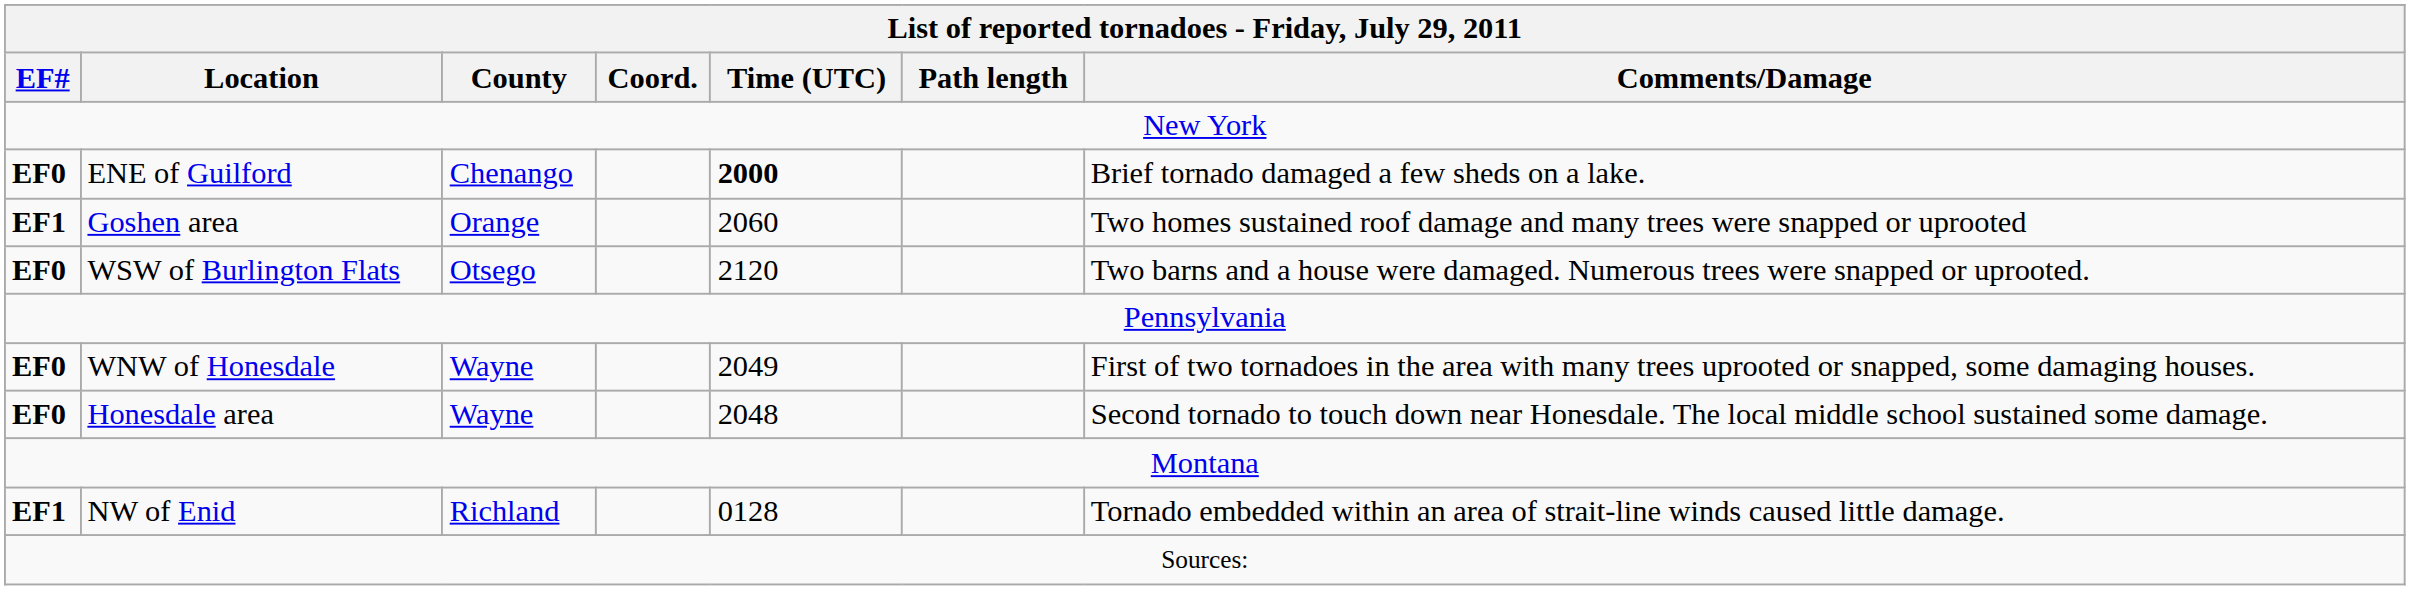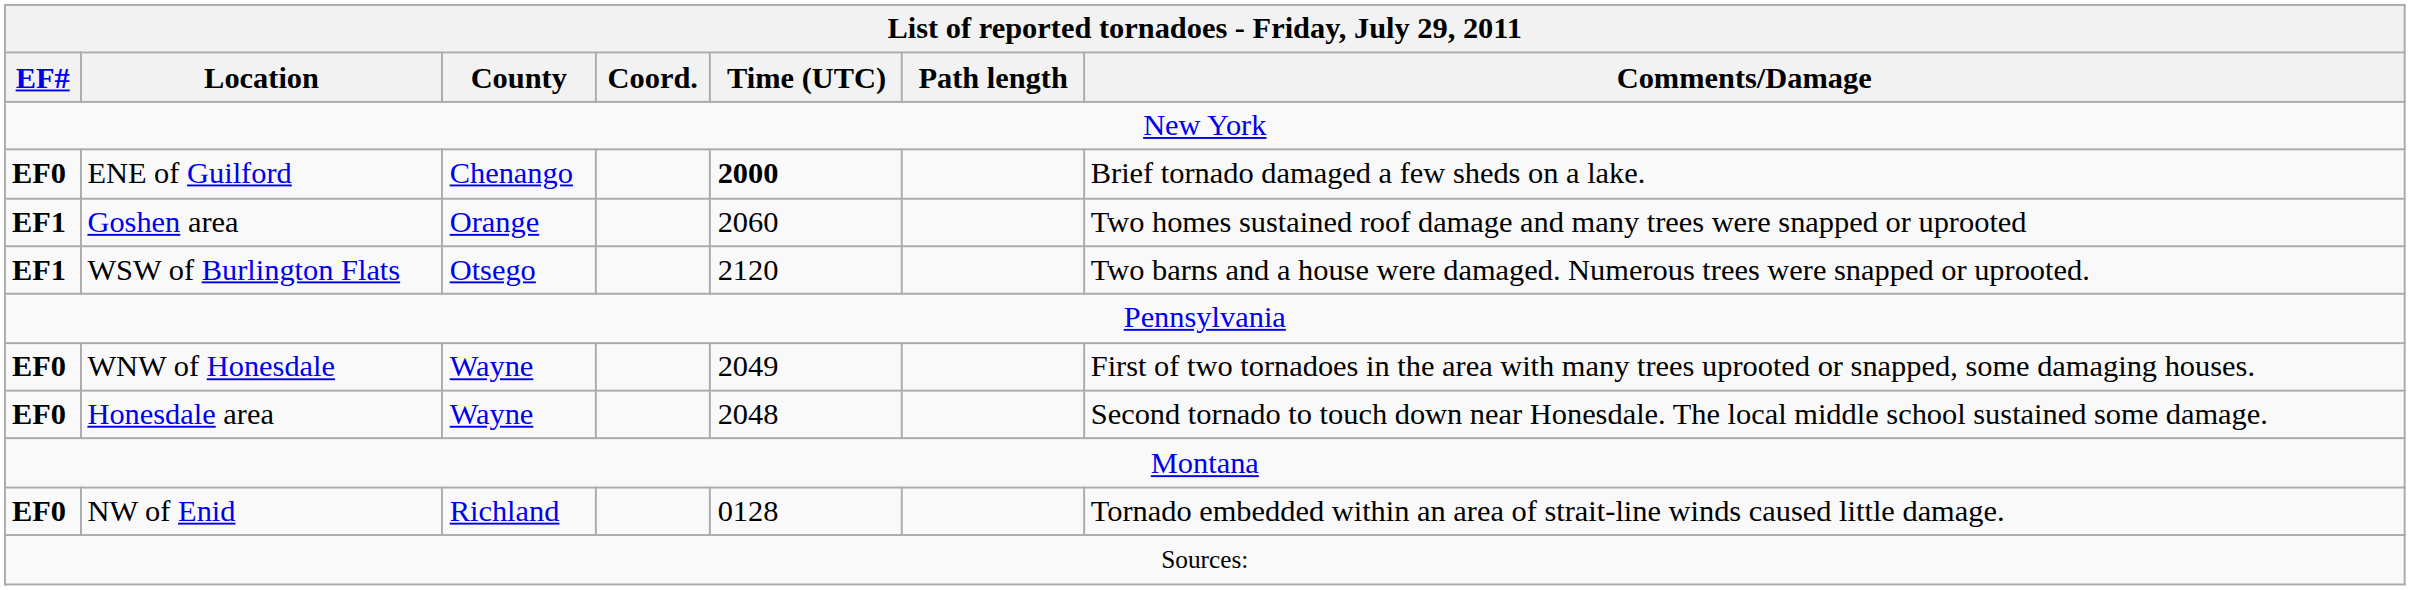 <table class="wikitable collapsible" width="100%">
 <tr>
 <th colspan="7">List of reported tornadoes - Friday, July 29, 2011</th>
 </tr>
 <tr>
 <th><a href='#'>EF#</a></th>
 <th>Location</th>
 <th>County</th>
 <th>Coord.</th>
 <th>Time (UTC)</th>
 <th>Path length</th>
 <th>Comments/Damage</th>
 </tr>
 <tr>
 <td colspan="7" align=center><a href='#'>New York</a></td>
 </tr>
 <tr>
 <td><strong>EF0</strong></td>
 <td>ENE of <a href='#'>Guilford</a></td>
 <td><a href='#'>Chenango</a></td>
 <td></td>
 <td><strong>2000</strong></td>
 <td></td>
 <td>Brief tornado damaged a few sheds on a lake.</td>
 </tr>
 <tr>
 <td><strong>EF1</strong></td>
 <td><a href='#'>Goshen</a> area</td>
 <td><a href='#'>Orange</a></td>
 <td></td>
 <td>2060</td>
 <td></td>
 <td>Two homes sustained roof damage and many trees were snapped or uprooted</td>
 </tr>
 <tr>
-<td><strong>EF0</strong></td>
+<td><strong>EF1</strong></td>
 <td>WSW of <a href='#'>Burlington Flats</a></td>
 <td><a href='#'>Otsego</a></td>
 <td></td>
 <td>2120</td>
 <td></td>
 <td>Two barns and a house were damaged. Numerous trees were snapped or uprooted.</td>
 </tr>
 <tr>
 <td colspan="7" align=center><a href='#'>Pennsylvania</a></td>
 </tr>
 <tr>
 <td><strong>EF0</strong></td>
 <td>WNW of <a href='#'>Honesdale</a></td>
 <td><a href='#'>Wayne</a></td>
 <td></td>
 <td>2049</td>
 <td></td>
 <td>First of two tornadoes in the area with many trees uprooted or snapped, some damaging houses.</td>
 </tr>
 <tr>
 <td><strong>EF0</strong></td>
 <td><a href='#'>Honesdale</a> area</td>
 <td><a href='#'>Wayne</a></td>
 <td></td>
 <td>2048</td>
 <td></td>
 <td>Second tornado to touch down near Honesdale. The local middle school sustained some damage.</td>
 </tr>
 <tr>
 <td colspan="7" align=center><a href='#'>Montana</a></td>
 </tr>
 <tr>
-<td><strong>EF1</strong></td>
+<td><strong>EF0</strong></td>
 <td>NW of <a href='#'>Enid</a></td>
 <td><a href='#'>Richland</a></td>
 <td></td>
 <td>0128</td>
 <td></td>
 <td>Tornado embedded within an area of strait-line winds caused little damage.</td>
 </tr>
 <tr>
 <td colspan="7" align=center><small>Sources:  </small></td>
 </tr>
 </table>
